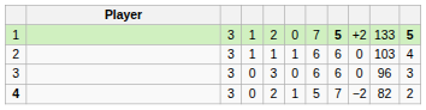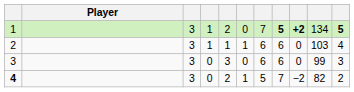 <table class="wikitable" style="text-align:center; margin: 1em auto 1em auto, align:left">
 <tr>
 <th width=20></th>
 <th width=240>Player</th>
 <th width=20></th>
 <th width=20></th>
 <th width=20></th>
 <th width=20></th>
 <th width=20></th>
 <th width=20></th>
 <th width=20></th>
 <th width=30></th>
 <th width=20></th>
 </tr>
 <tr style="background:#D0F0C0;">
 <td>1</td>
 <td align=left></td>
 <td>3</td>
 <td>1</td>
 <td>2</td>
 <td>0</td>
 <td>7</td>
 <td><strong>5</strong></td>
-<td>+2</td>
-<td>133</td>
+<td><strong>+2</strong></td>
+<td>134</td>
 <td><strong>5</strong></td>
 </tr>
 <tr style=>
 <td>2</td>
 <td align=left></td>
 <td>3</td>
 <td>1</td>
 <td>1</td>
 <td>1</td>
 <td>6</td>
 <td>6</td>
 <td>0</td>
 <td>103</td>
 <td>4</td>
 </tr>
 <tr style=>
 <td>3</td>
 <td align=left></td>
 <td>3</td>
 <td>0</td>
 <td>3</td>
 <td>0</td>
 <td>6</td>
 <td>6</td>
 <td>0</td>
-<td>96</td>
+<td>99</td>
 <td>3</td>
 </tr>
 <tr style=>
 <td><strong>4</strong></td>
 <td align=left></td>
 <td>3</td>
 <td>0</td>
 <td>2</td>
 <td>1</td>
 <td>5</td>
 <td>7</td>
 <td>−2</td>
 <td>82</td>
 <td>2</td>
 </tr>
 </table>
